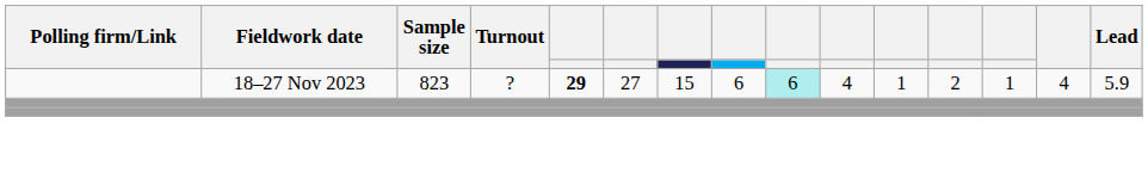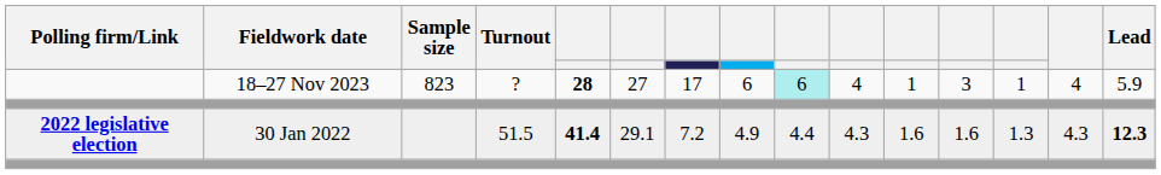 <table class="wikitable sortable mw-datatable" style="text-align:center;font-size:95%;line-height:16px;">
 <tr style="height:42px;">
 <th style="width:145px;" rowspan="2">Polling firm/Link</th>
 <th style="width:145px;" rowspan="2">Fieldwork date</th>
 <th class="unsortable" style="width:50px;" rowspan="2">Sample size</th>
 <th class="unsortable" style="width:45px;" rowspan="2">Turnout</th>
 <th class="sortable" style="width:35px;"></th>
 <th class="sortable" style="width:35px;"></th>
 <th class="sortable" style="width:35px;"></th>
 <th class="sortable" style="width:35px;"></th>
 <th class="sortable" style="width:35px;"></th>
 <th class="sortable" style="width:35px;"></th>
 <th class="sortable" style="width:35px;"></th>
 <th class="sortable" style="width:35px;"></th>
 <th class="sortable" style="width:35px;"></th>
 <th class="unsortable" style="width:35px;" rowspan="2"></th>
 <th class="unsortable" style="width:30px;" rowspan="2">Lead</th>
 </tr>
 <tr>
 <th class="sortable" style="color:inherit;background:"></th>
 <th class="sortable" style="color:inherit;background:"></th>
 <th class="sortable" style="color:inherit;background:#202056;"></th>
 <th class="sortable" style="color:inherit;background:#00ADEF;"></th>
 <th class="sortable" style="color:inherit;background:"></th>
 <th class="sortable" style="color:inherit;background:"></th>
 <th class="sortable" style="color:inherit;background:"></th>
 <th class="sortable" style="color:inherit;background:"></th>
 <th class="sortable" style="color:inherit;background:"></th>
 </tr>
 <tr>
 <td></td>
 <td>18–27 Nov 2023</td>
 <td>823</td>
 <td>?</td>
-<td><strong>29</strong></td>
+<td><strong>28</strong></td>
 <td>27</td>
-<td>15</td>
+<td>17</td>
 <td>6</td>
 <td style="background: paleturquoise;">6</td>
 <td>4</td>
 <td>1</td>
-<td>2</td>
+<td>3</td>
 <td>1</td>
 <td>4</td>
 <td style="background:">5.9</td>
 </tr>
 <tr>
 <td colspan="15" style="background:#A0A0A0"></td>
 </tr>
+<tr style="background:#EFEFEF">
+<td><strong><a href='#'>2022 legislative election</a></strong></td>
+<td>30 Jan 2022</td>
+<td></td>
+<td>51.5</td>
+<td><strong>41.4</strong><br></td>
+<td>29.1<br></td>
+<td>7.2<br></td>
+<td>4.9<br></td>
+<td>4.4<br></td>
+<td>4.3<br></td>
+<td>1.6<br></td>
+<td>1.6<br></td>
+<td>1.3<br></td>
+<td>4.3<br></td>
+<td style="background:"><strong>12.3</strong></td>
+</tr>
 <tr>
 <td colspan="15" style="background:#A0A0A0"></td>
 </tr>
 </table>
